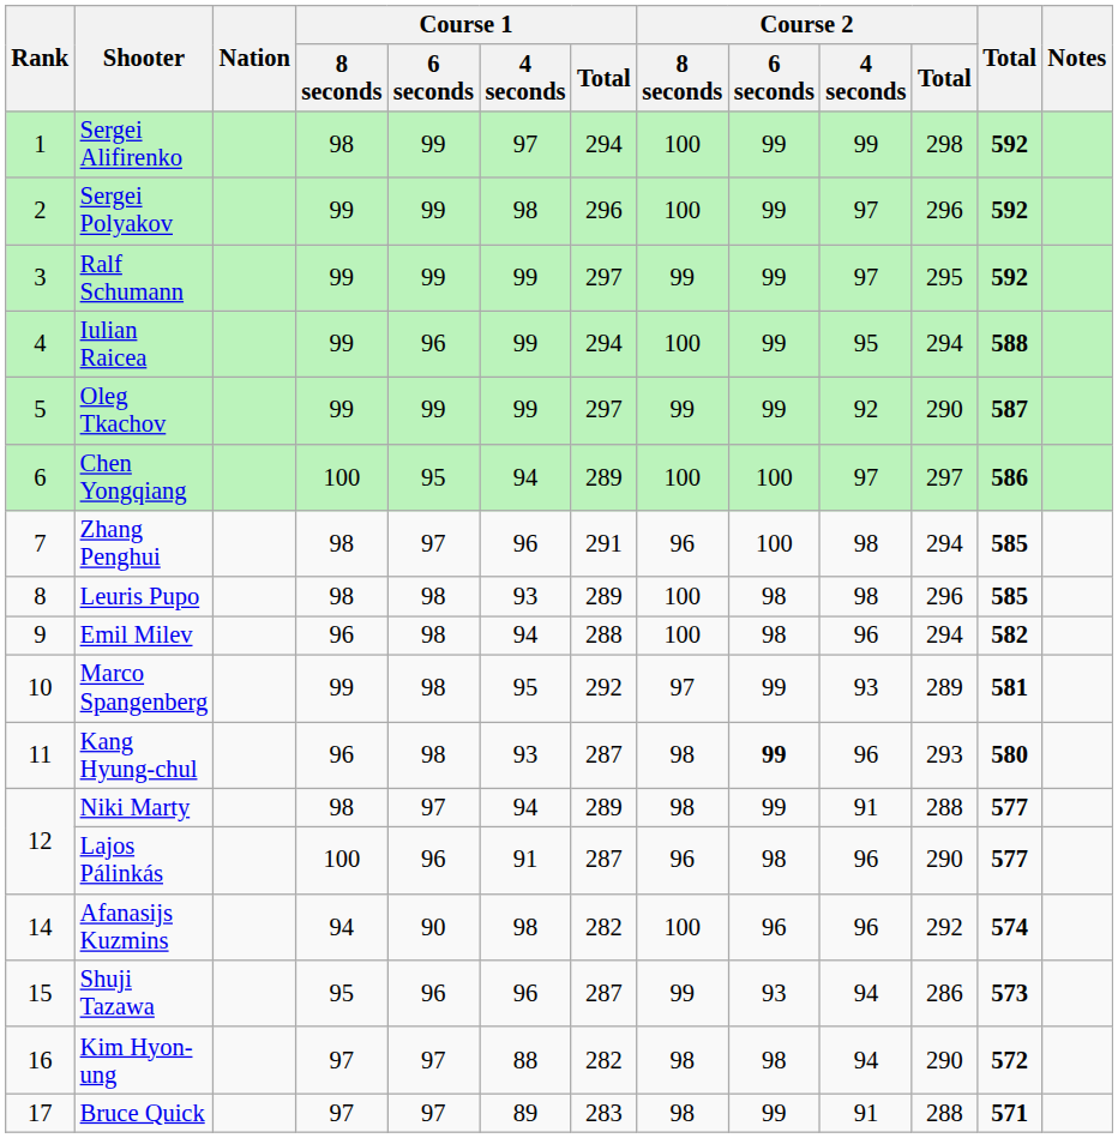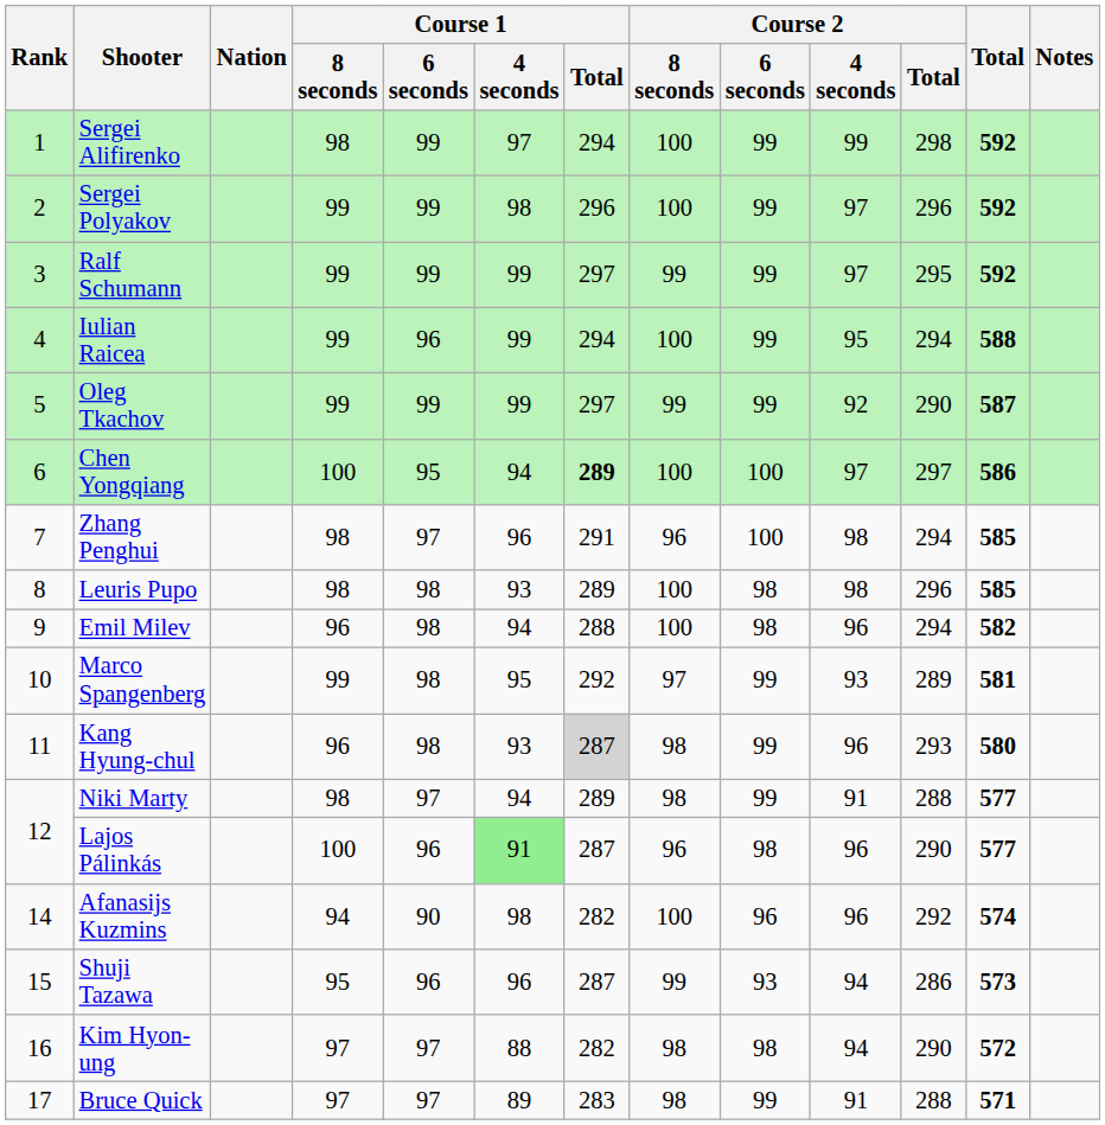 <table class="wikitable sortable" style="text-align: center">
 <tr>
 <th rowspan=2>Rank</th>
 <th rowspan=2>Shooter</th>
 <th rowspan=2>Nation</th>
 <th colspan=4>Course 1</th>
 <th colspan=4>Course 2</th>
 <th rowspan=2>Total</th>
 <th rowspan=2>Notes</th>
 </tr>
 <tr>
 <th>8 seconds</th>
 <th>6 seconds</th>
 <th>4 seconds</th>
 <th>Total</th>
 <th>8 seconds</th>
 <th>6 seconds</th>
 <th>4 seconds</th>
 <th>Total</th>
 </tr>
 <tr bgcolor=#bbf3bb>
 <td>1</td>
 <td align=left><a href='#'>Sergei Alifirenko</a></td>
 <td style="text-align: left"></td>
 <td>98</td>
 <td>99</td>
 <td>97</td>
 <td>294</td>
 <td>100</td>
 <td>99</td>
 <td>99</td>
 <td>298</td>
 <td><strong>592</strong></td>
 <td></td>
 </tr>
 <tr bgcolor=#bbf3bb>
 <td>2</td>
 <td align=left><a href='#'>Sergei Polyakov</a></td>
 <td style="text-align: left"></td>
 <td>99</td>
 <td>99</td>
 <td>98</td>
 <td>296</td>
 <td>100</td>
 <td>99</td>
 <td>97</td>
 <td>296</td>
 <td><strong>592</strong></td>
 <td></td>
 </tr>
 <tr bgcolor=#bbf3bb>
 <td>3</td>
 <td align=left><a href='#'>Ralf Schumann</a></td>
 <td style="text-align: left"></td>
 <td>99</td>
 <td>99</td>
 <td>99</td>
 <td>297</td>
 <td>99</td>
 <td>99</td>
 <td>97</td>
 <td>295</td>
 <td><strong>592</strong></td>
 <td></td>
 </tr>
 <tr bgcolor=#bbf3bb>
 <td>4</td>
 <td align=left><a href='#'>Iulian Raicea</a></td>
 <td style="text-align: left"></td>
 <td>99</td>
 <td>96</td>
 <td>99</td>
 <td>294</td>
 <td>100</td>
 <td>99</td>
 <td>95</td>
 <td>294</td>
 <td><strong>588</strong></td>
 <td></td>
 </tr>
 <tr bgcolor=#bbf3bb>
 <td>5</td>
 <td align=left><a href='#'>Oleg Tkachov</a></td>
 <td style="text-align: left"></td>
 <td>99</td>
 <td>99</td>
 <td>99</td>
 <td>297</td>
 <td>99</td>
 <td>99</td>
 <td>92</td>
 <td>290</td>
 <td><strong>587</strong></td>
 <td></td>
 </tr>
 <tr bgcolor=#bbf3bb>
 <td>6</td>
 <td align=left><a href='#'>Chen Yongqiang</a></td>
 <td style="text-align: left"></td>
 <td>100</td>
 <td>95</td>
 <td>94</td>
-<td>289</td>
+<td><strong>289</strong></td>
 <td>100</td>
 <td>100</td>
 <td>97</td>
 <td>297</td>
 <td><strong>586</strong></td>
 <td></td>
 </tr>
 <tr>
 <td>7</td>
 <td align=left><a href='#'>Zhang Penghui</a></td>
 <td style="text-align: left"></td>
 <td>98</td>
 <td>97</td>
 <td>96</td>
 <td>291</td>
 <td>96</td>
 <td>100</td>
 <td>98</td>
 <td>294</td>
 <td><strong>585</strong></td>
 <td></td>
 </tr>
 <tr>
 <td>8</td>
 <td align=left><a href='#'>Leuris Pupo</a></td>
 <td style="text-align: left"></td>
 <td>98</td>
 <td>98</td>
 <td>93</td>
 <td>289</td>
 <td>100</td>
 <td>98</td>
 <td>98</td>
 <td>296</td>
 <td><strong>585</strong></td>
 <td></td>
 </tr>
 <tr>
 <td>9</td>
 <td align=left><a href='#'>Emil Milev</a></td>
 <td style="text-align: left"></td>
 <td>96</td>
 <td>98</td>
 <td>94</td>
 <td>288</td>
 <td>100</td>
 <td>98</td>
 <td>96</td>
 <td>294</td>
 <td><strong>582</strong></td>
 <td></td>
 </tr>
 <tr>
 <td>10</td>
 <td align=left><a href='#'>Marco Spangenberg</a></td>
 <td style="text-align: left"></td>
 <td>99</td>
 <td>98</td>
 <td>95</td>
 <td>292</td>
 <td>97</td>
 <td>99</td>
 <td>93</td>
 <td>289</td>
 <td><strong>581</strong></td>
 <td></td>
 </tr>
 <tr>
 <td>11</td>
 <td align=left><a href='#'>Kang Hyung-chul</a></td>
 <td style="text-align: left"></td>
 <td>96</td>
 <td>98</td>
 <td>93</td>
-<td>287</td>
+<td style="background: lightgrey;">287</td>
 <td>98</td>
-<td><strong>99</strong></td>
+<td>99</td>
 <td>96</td>
 <td>293</td>
 <td><strong>580</strong></td>
 <td></td>
 </tr>
 <tr>
 <td rowspan=2>12</td>
 <td align=left><a href='#'>Niki Marty</a></td>
 <td style="text-align: left"></td>
 <td>98</td>
 <td>97</td>
 <td>94</td>
 <td>289</td>
 <td>98</td>
 <td>99</td>
 <td>91</td>
 <td>288</td>
 <td><strong>577</strong></td>
 <td></td>
 </tr>
 <tr>
 <td align=left><a href='#'>Lajos Pálinkás</a></td>
 <td style="text-align: left"></td>
 <td>100</td>
 <td>96</td>
-<td>91</td>
+<td style="background: lightgreen;">91</td>
 <td>287</td>
 <td>96</td>
 <td>98</td>
 <td>96</td>
 <td>290</td>
 <td><strong>577</strong></td>
 <td></td>
 </tr>
 <tr>
 <td>14</td>
 <td align=left><a href='#'>Afanasijs Kuzmins</a></td>
 <td style="text-align: left"></td>
 <td>94</td>
 <td>90</td>
 <td>98</td>
 <td>282</td>
 <td>100</td>
 <td>96</td>
 <td>96</td>
 <td>292</td>
 <td><strong>574</strong></td>
 <td></td>
 </tr>
 <tr>
 <td>15</td>
 <td align=left><a href='#'>Shuji Tazawa</a></td>
 <td style="text-align: left"></td>
 <td>95</td>
 <td>96</td>
 <td>96</td>
 <td>287</td>
 <td>99</td>
 <td>93</td>
 <td>94</td>
 <td>286</td>
 <td><strong>573</strong></td>
 <td></td>
 </tr>
 <tr>
 <td>16</td>
 <td align=left><a href='#'>Kim Hyon-ung</a></td>
 <td style="text-align: left"></td>
 <td>97</td>
 <td>97</td>
 <td>88</td>
 <td>282</td>
 <td>98</td>
 <td>98</td>
 <td>94</td>
 <td>290</td>
 <td><strong>572</strong></td>
 <td></td>
 </tr>
 <tr>
 <td>17</td>
 <td align=left><a href='#'>Bruce Quick</a></td>
 <td style="text-align: left"></td>
 <td>97</td>
 <td>97</td>
 <td>89</td>
 <td>283</td>
 <td>98</td>
 <td>99</td>
 <td>91</td>
 <td>288</td>
 <td><strong>571</strong></td>
 <td></td>
 </tr>
 </table>
